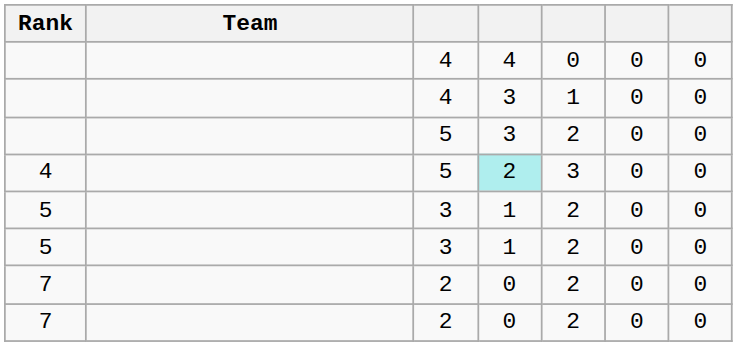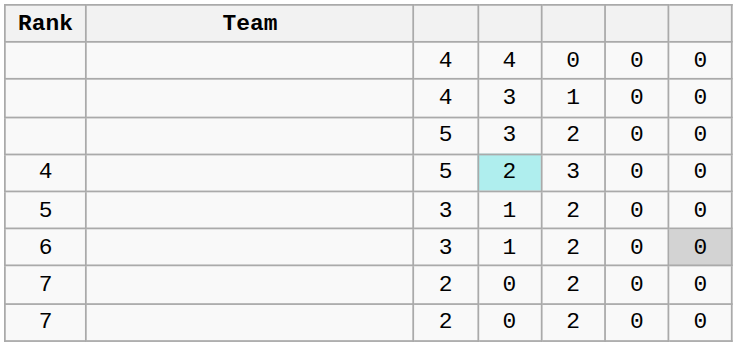 <table class="wikitable" style="text-align: center;">
 <tr>
 <th width=40>Rank</th>
 <th width=180>Team</th>
 <th width=30></th>
 <th width=30></th>
 <th width=30></th>
 <th width=30></th>
 <th width=30></th>
 </tr>
 <tr>
 <td></td>
 <td align=left></td>
 <td>4</td>
 <td>4</td>
 <td>0</td>
 <td>0</td>
 <td>0</td>
 </tr>
 <tr>
 <td></td>
 <td align=left></td>
 <td>4</td>
 <td>3</td>
 <td>1</td>
 <td>0</td>
 <td>0</td>
 </tr>
 <tr>
 <td></td>
 <td align=left></td>
 <td>5</td>
 <td>3</td>
 <td>2</td>
 <td>0</td>
 <td>0</td>
 </tr>
 <tr>
 <td>4</td>
 <td align=left></td>
 <td>5</td>
 <td style="background: paleturquoise;">2</td>
 <td>3</td>
 <td>0</td>
 <td>0</td>
 </tr>
 <tr>
 <td>5</td>
 <td align=left></td>
 <td>3</td>
 <td>1</td>
 <td>2</td>
 <td>0</td>
 <td>0</td>
 </tr>
 <tr>
-<td>5</td>
+<td>6</td>
 <td align=left></td>
 <td>3</td>
 <td>1</td>
 <td>2</td>
 <td>0</td>
-<td>0</td>
+<td style="background: lightgrey;">0</td>
 </tr>
 <tr>
 <td>7</td>
 <td align=left></td>
 <td>2</td>
 <td>0</td>
 <td>2</td>
 <td>0</td>
 <td>0</td>
 </tr>
 <tr>
 <td>7</td>
 <td align=left></td>
 <td>2</td>
 <td>0</td>
 <td>2</td>
 <td>0</td>
 <td>0</td>
 </tr>
 </table>
